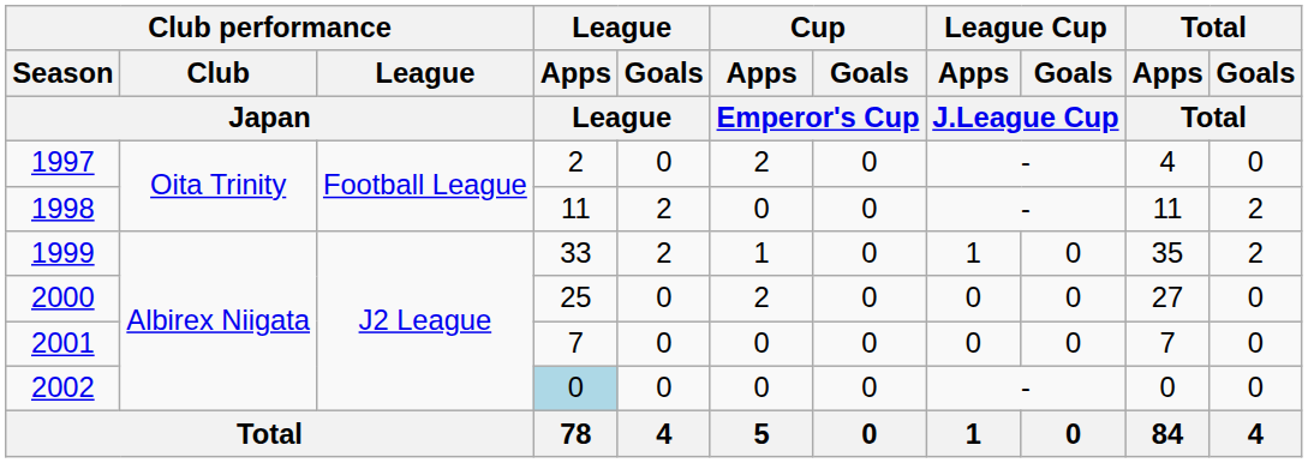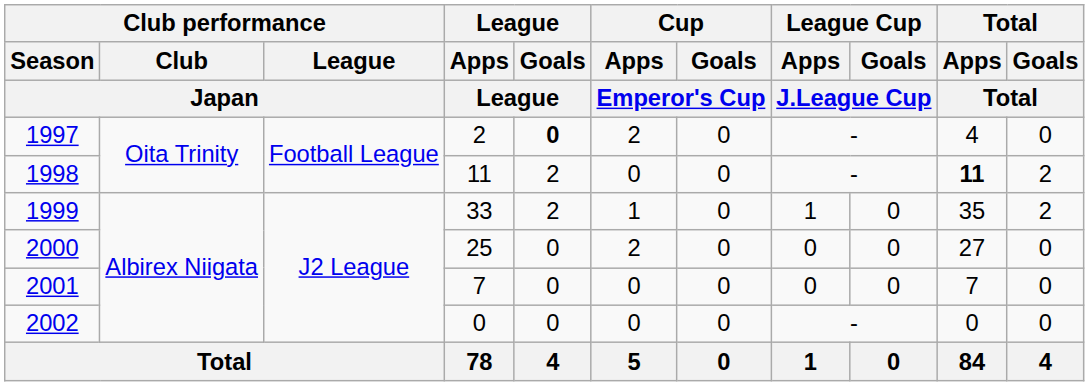 <table class="wikitable" style="text-align:center;">
 <tr>
 <th colspan=3>Club performance</th>
 <th colspan=2>League</th>
 <th colspan=2>Cup</th>
 <th colspan=2>League Cup</th>
 <th colspan=2>Total</th>
 </tr>
 <tr>
 <th>Season</th>
 <th>Club</th>
 <th>League</th>
 <th>Apps</th>
 <th>Goals</th>
 <th>Apps</th>
 <th>Goals</th>
 <th>Apps</th>
 <th>Goals</th>
 <th>Apps</th>
 <th>Goals</th>
 </tr>
 <tr>
 <th colspan=3>Japan</th>
 <th colspan=2>League</th>
 <th colspan=2><a href='#'>Emperor's Cup</a></th>
 <th colspan=2><a href='#'>J.League Cup</a></th>
 <th colspan=2>Total</th>
 </tr>
 <tr>
 <td><a href='#'>1997</a></td>
 <td rowspan="2"><a href='#'>Oita Trinity</a></td>
 <td rowspan="2"><a href='#'>Football League</a></td>
 <td>2</td>
-<td>0</td>
+<td><strong>0</strong></td>
 <td>2</td>
 <td>0</td>
 <td colspan="2">-</td>
 <td>4</td>
 <td>0</td>
 </tr>
 <tr>
 <td><a href='#'>1998</a></td>
 <td>11</td>
 <td>2</td>
 <td>0</td>
 <td>0</td>
 <td colspan="2">-</td>
-<td>11</td>
+<td><strong>11</strong></td>
 <td>2</td>
 </tr>
 <tr>
 <td><a href='#'>1999</a></td>
 <td rowspan="4"><a href='#'>Albirex Niigata</a></td>
 <td rowspan="4"><a href='#'>J2 League</a></td>
 <td>33</td>
 <td>2</td>
 <td>1</td>
 <td>0</td>
 <td>1</td>
 <td>0</td>
 <td>35</td>
 <td>2</td>
 </tr>
 <tr>
 <td><a href='#'>2000</a></td>
 <td>25</td>
 <td>0</td>
 <td>2</td>
 <td>0</td>
 <td>0</td>
 <td>0</td>
 <td>27</td>
 <td>0</td>
 </tr>
 <tr>
 <td><a href='#'>2001</a></td>
 <td>7</td>
 <td>0</td>
 <td>0</td>
 <td>0</td>
 <td>0</td>
 <td>0</td>
 <td>7</td>
 <td>0</td>
 </tr>
 <tr>
 <td><a href='#'>2002</a></td>
-<td style="background: lightblue;">0</td>
+<td>0</td>
 <td>0</td>
 <td>0</td>
 <td>0</td>
 <td colspan="2">-</td>
 <td>0</td>
 <td>0</td>
 </tr>
 <tr>
 <th colspan=3>Total</th>
 <th>78</th>
 <th>4</th>
 <th>5</th>
 <th>0</th>
 <th>1</th>
 <th>0</th>
 <th>84</th>
 <th>4</th>
 </tr>
 </table>
